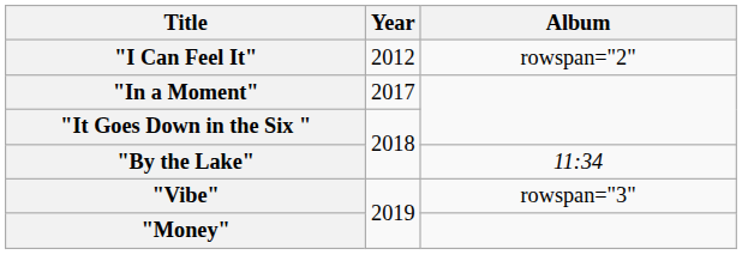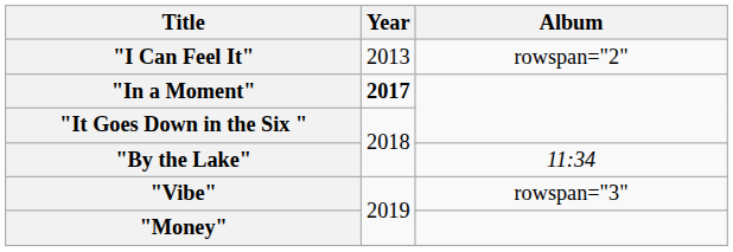 <table class="wikitable plainrowheaders" style="text-align:center;">
 <tr>
 <th scope="col" style="width:16em;">Title</th>
 <th scope="col">Year</th>
 <th scope="col" style="width:14em;">Album</th>
 </tr>
 <tr>
 <th scope="row">"I Can Feel It"<br></th>
-<td>2012</td>
+<td>2013</td>
 <td>rowspan="2" </td>
 </tr>
 <tr>
 <th scope="row">"In a Moment"<br></th>
-<td>2017</td>
+<td><strong>2017</strong></td>
 </tr>
 <tr>
 <th scope="row">"It Goes Down in the Six "<br></th>
 <td rowspan="2">2018</td>
 </tr>
 <tr>
 <th scope="row">"By the Lake"<br></th>
 <td><em>11:34</em></td>
 </tr>
 <tr>
 <th scope="row">"Vibe"<br></th>
 <td rowspan="2">2019</td>
 <td>rowspan="3" </td>
 </tr>
 <tr>
 <th scope="row">"Money"<br></th>
 </tr>
 </table>
